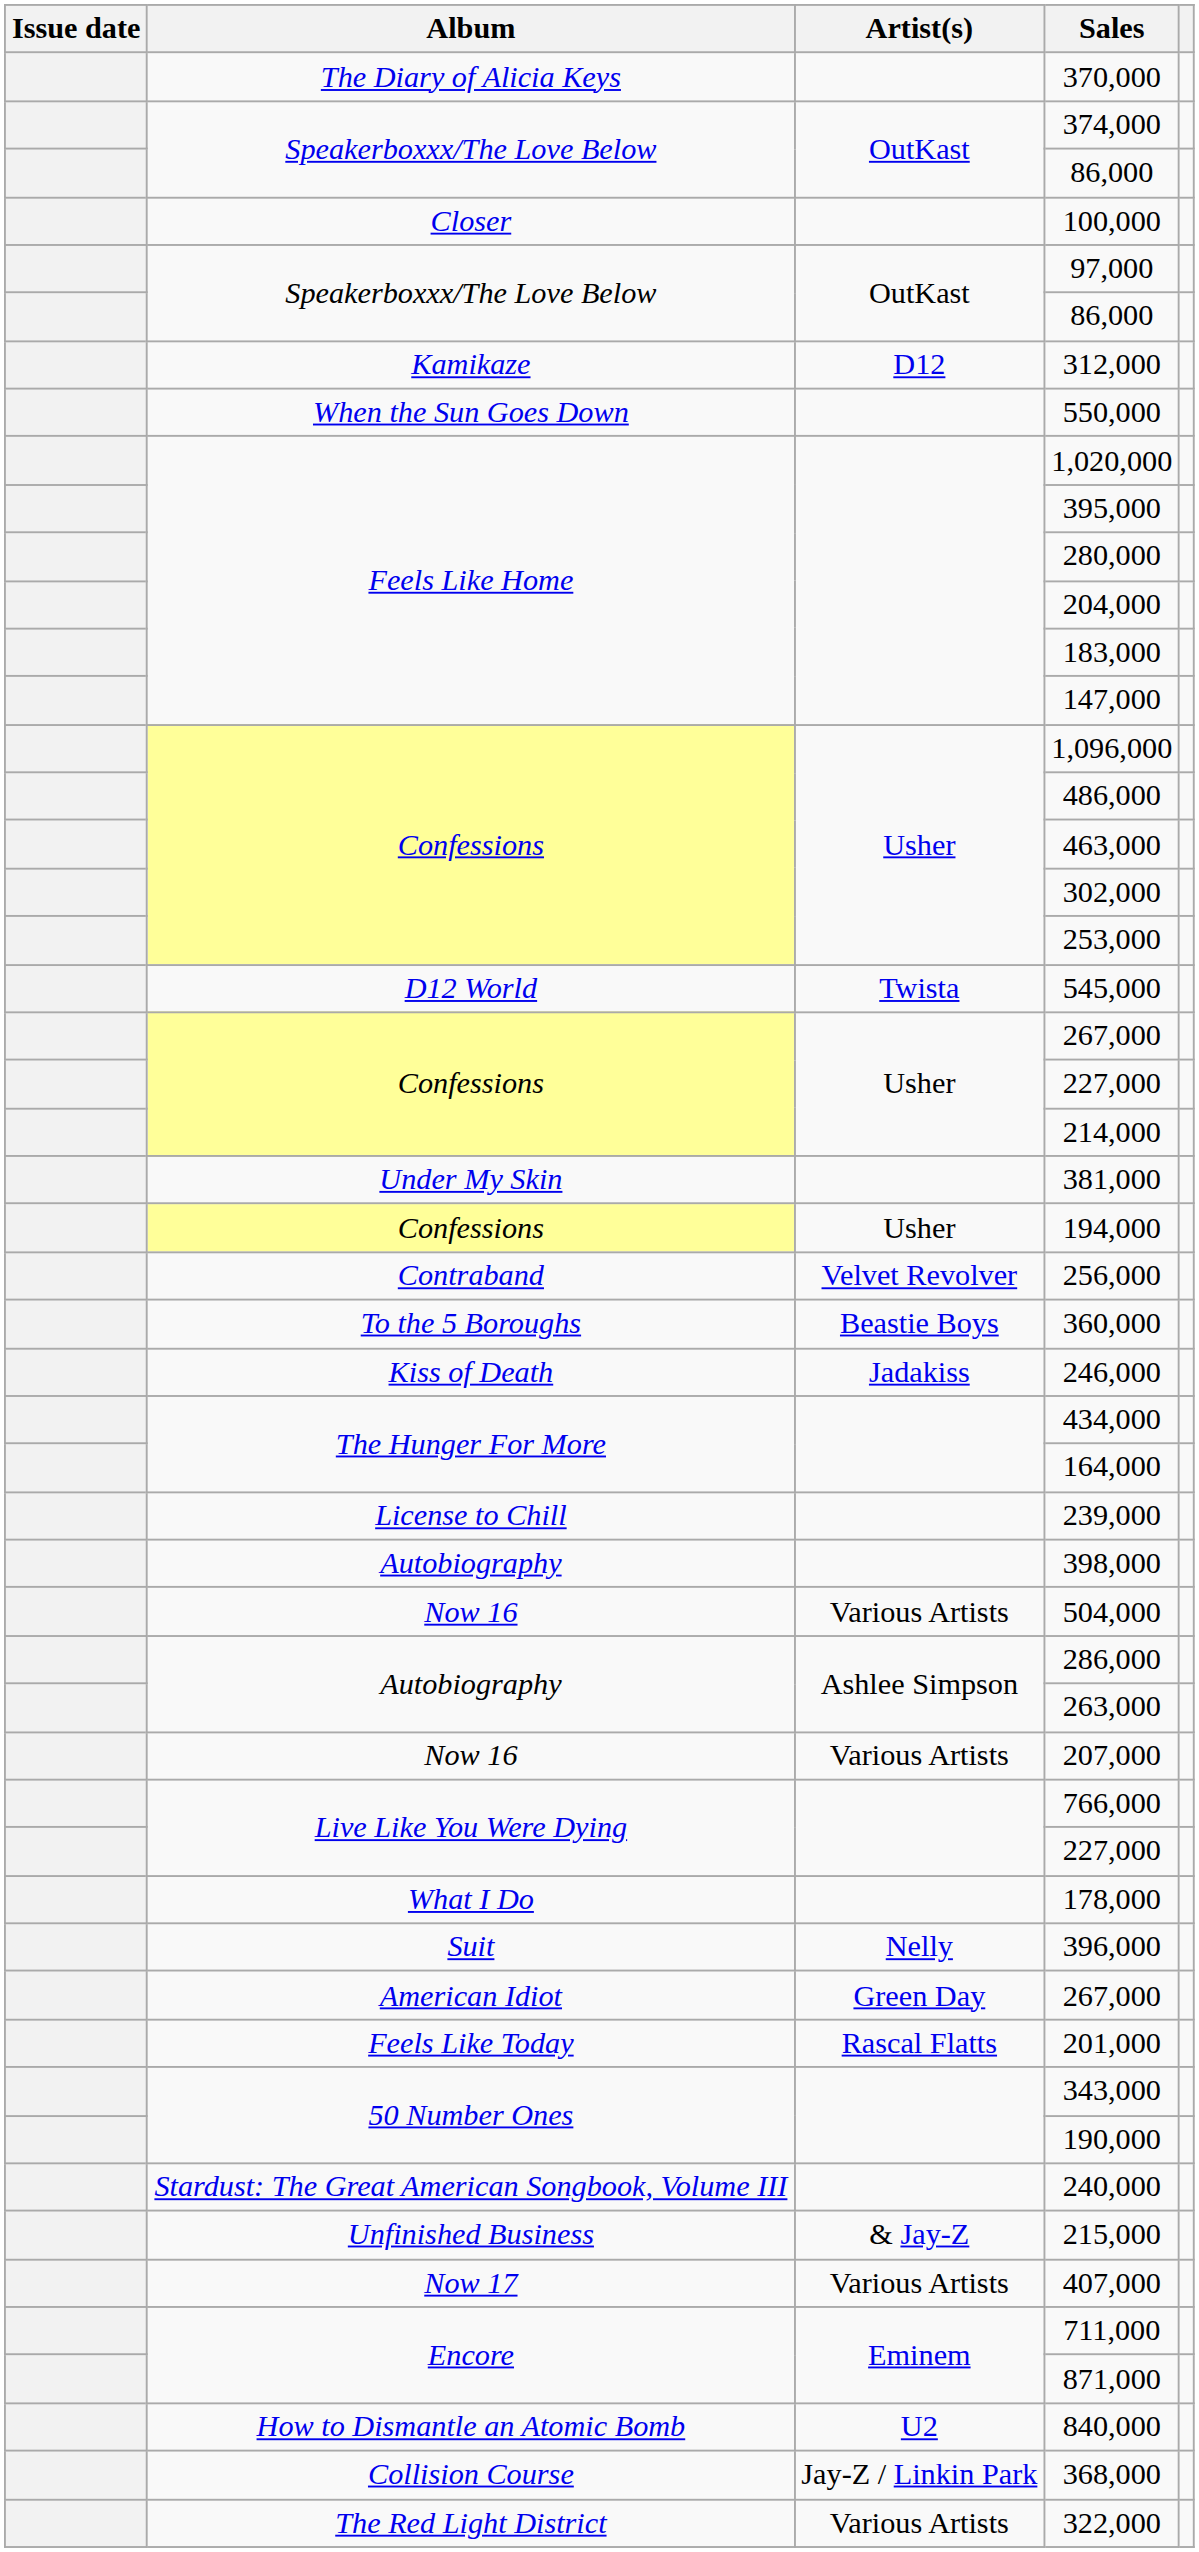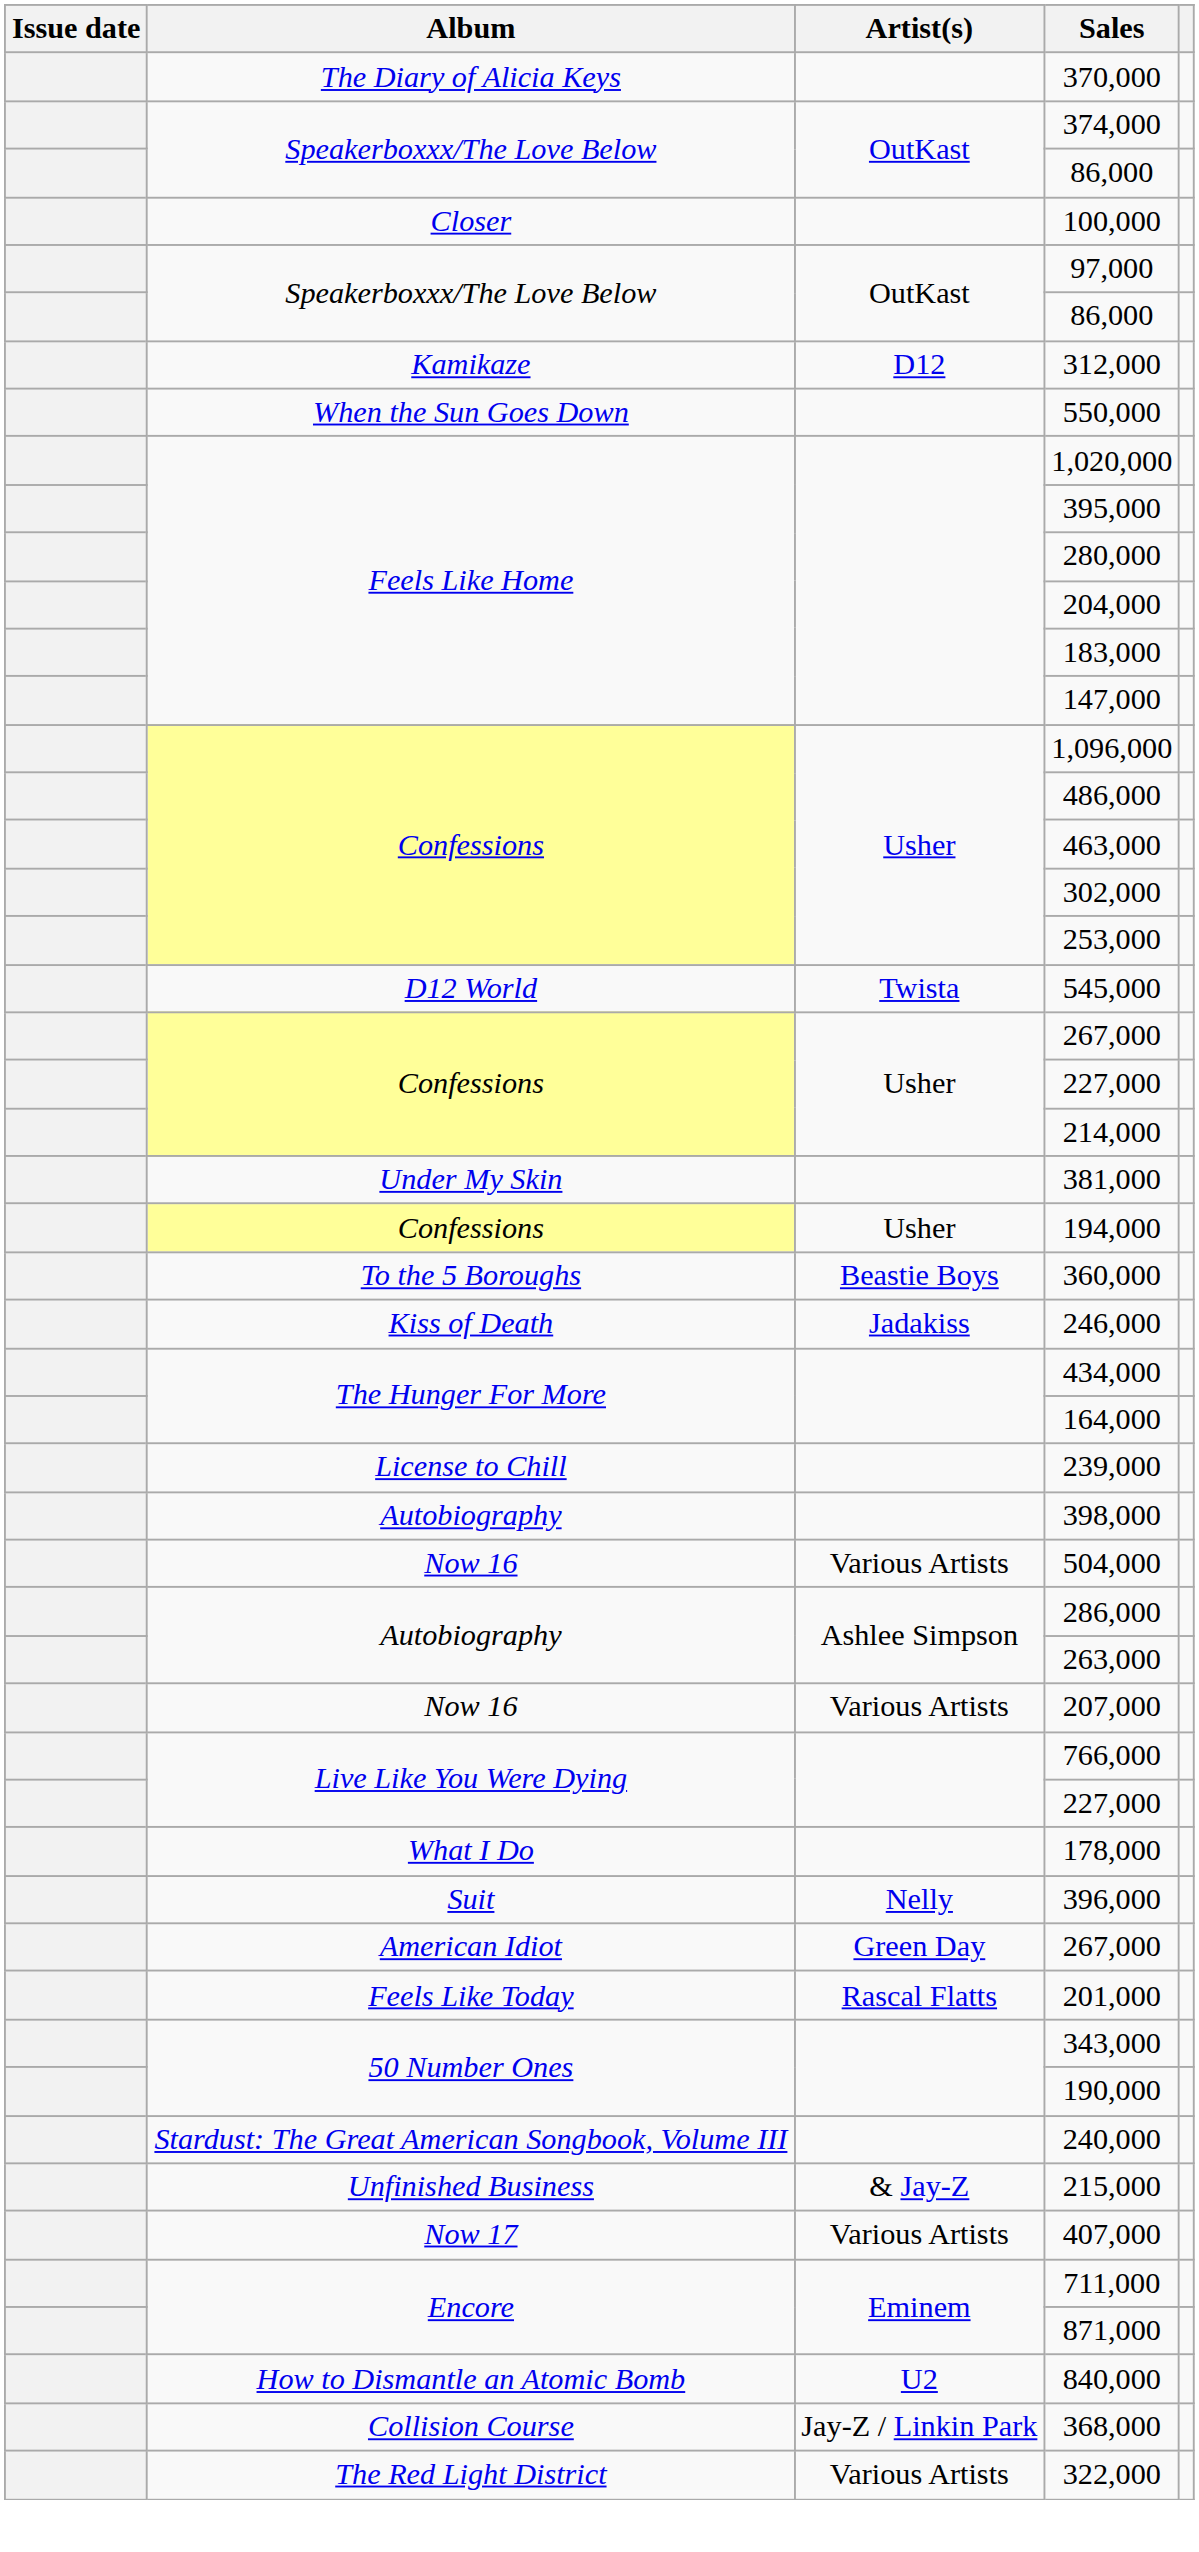 <table class="wikitable sortable plainrowheaders" style="text-align: center">
 <tr>
 <th scope=col>Issue date</th>
 <th scope=col>Album</th>
 <th scope=col>Artist(s)</th>
 <th scope=col>Sales</th>
 <th scope=col class="unsortable"></th>
 </tr>
 <tr>
 <th scope="row"></th>
 <td><em><a href='#'>The Diary of Alicia Keys</a></em></td>
 <td></td>
 <td>370,000</td>
 <td></td>
 </tr>
 <tr>
 <th scope="row"></th>
 <td rowspan=2><em><a href='#'>Speakerboxxx/The Love Below</a></em></td>
 <td rowspan=2><a href='#'>OutKast</a></td>
 <td>374,000</td>
 <td></td>
 </tr>
 <tr>
 <th scope="row"></th>
 <td>86,000</td>
 <td></td>
 </tr>
 <tr>
 <th scope="row"></th>
 <td><em><a href='#'>Closer</a></em></td>
 <td></td>
 <td>100,000</td>
 <td></td>
 </tr>
 <tr>
 <th scope="row"></th>
 <td rowspan=2><em>Speakerboxxx/The Love Below</em></td>
 <td rowspan=2>OutKast</td>
 <td>97,000</td>
 <td></td>
 </tr>
 <tr>
 <th scope="row"></th>
 <td>86,000</td>
 <td></td>
 </tr>
 <tr>
 <th scope="row"></th>
 <td><em><a href='#'>Kamikaze</a></em></td>
 <td><a href='#'>D12</a></td>
 <td>312,000</td>
 <td></td>
 </tr>
 <tr>
 <th scope="row"></th>
 <td><em><a href='#'>When the Sun Goes Down</a></em></td>
 <td></td>
 <td>550,000</td>
 <td></td>
 </tr>
 <tr>
 <th scope="row"></th>
 <td rowspan=6><em><a href='#'>Feels Like Home</a></em></td>
 <td rowspan=6></td>
 <td>1,020,000</td>
 <td></td>
 </tr>
 <tr>
 <th scope="row"></th>
 <td>395,000</td>
 <td></td>
 </tr>
 <tr>
 <th scope="row"></th>
 <td>280,000</td>
 <td></td>
 </tr>
 <tr>
 <th scope="row"></th>
 <td>204,000</td>
 <td></td>
 </tr>
 <tr>
 <th scope="row"></th>
 <td>183,000</td>
 <td></td>
 </tr>
 <tr>
 <th scope="row"></th>
 <td>147,000</td>
 <td></td>
 </tr>
 <tr>
 <th scope="row"></th>
 <td style="background:#ff9;" rowspan=5><em><a href='#'>Confessions</a></em> </td>
 <td rowspan=5><a href='#'>Usher</a></td>
 <td>1,096,000</td>
 <td></td>
 </tr>
 <tr>
 <th scope="row"></th>
 <td>486,000</td>
 <td></td>
 </tr>
 <tr>
 <th scope="row"></th>
 <td>463,000</td>
 <td></td>
 </tr>
 <tr>
 <th scope="row"></th>
 <td>302,000</td>
 <td></td>
 </tr>
 <tr>
 <th scope="row"></th>
 <td>253,000</td>
 <td></td>
 </tr>
 <tr>
 <th scope="row"></th>
 <td><em><a href='#'>D12 World</a></em></td>
 <td><a href='#'>Twista</a></td>
 <td>545,000</td>
 <td></td>
 </tr>
 <tr>
 <th scope="row"></th>
 <td style="background:#ff9; " rowspan=3><em>Confessions</em> </td>
 <td rowspan=3>Usher</td>
 <td>267,000</td>
 <td></td>
 </tr>
 <tr>
 <th scope="row"></th>
 <td>227,000</td>
 <td></td>
 </tr>
 <tr>
 <th scope="row"></th>
 <td>214,000</td>
 <td style="text-align: center;"></td>
 </tr>
 <tr>
 <th scope="row"></th>
 <td><em><a href='#'>Under My Skin</a></em></td>
 <td></td>
 <td>381,000</td>
 <td></td>
 </tr>
 <tr>
 <th scope="row"></th>
 <td style="background:#ff9;"><em>Confessions</em> </td>
 <td>Usher</td>
 <td>194,000</td>
-<td></td>
-</tr>
-<tr>
-<th scope="row"></th>
-<td><em><a href='#'>Contraband</a></em></td>
-<td><a href='#'>Velvet Revolver</a></td>
-<td>256,000</td>
 <td></td>
 </tr>
 <tr>
 <th scope="row"></th>
 <td><em><a href='#'>To the 5 Boroughs</a></em></td>
 <td><a href='#'>Beastie Boys</a></td>
 <td>360,000</td>
 <td></td>
 </tr>
 <tr>
 <th scope="row"></th>
 <td><em><a href='#'>Kiss of Death</a></em></td>
 <td><a href='#'>Jadakiss</a></td>
 <td>246,000</td>
 <td></td>
 </tr>
 <tr>
 <th scope="row"></th>
 <td rowspan=2><em><a href='#'>The Hunger For More</a></em></td>
 <td rowspan=2></td>
 <td>434,000</td>
 <td></td>
 </tr>
 <tr>
 <th scope="row"></th>
 <td>164,000</td>
 <td></td>
 </tr>
 <tr>
 <th scope="row"></th>
 <td><em><a href='#'>License to Chill</a></em></td>
 <td></td>
 <td>239,000</td>
 <td style="text-align: center;"></td>
 </tr>
 <tr>
 <th scope="row"></th>
 <td><em><a href='#'>Autobiography</a></em></td>
 <td></td>
 <td>398,000</td>
 <td></td>
 </tr>
 <tr>
 <th scope="row"></th>
 <td><em><a href='#'>Now 16</a></em></td>
 <td>Various Artists</td>
 <td>504,000</td>
 <td></td>
 </tr>
 <tr>
 <th scope="row"></th>
 <td rowspan=2><em>Autobiography</em></td>
 <td rowspan=2 data-sort-value="Simpson, Ashlee">Ashlee Simpson</td>
 <td>286,000</td>
 <td></td>
 </tr>
 <tr>
 <th scope="row"></th>
 <td>263,000</td>
 <td></td>
 </tr>
 <tr>
 <th scope="row"></th>
 <td><em>Now 16</em></td>
 <td>Various Artists</td>
 <td>207,000</td>
 <td></td>
 </tr>
 <tr>
 <th scope="row"></th>
 <td rowspan=2><em><a href='#'>Live Like You Were Dying</a></em></td>
 <td rowspan=2></td>
 <td>766,000</td>
 <td></td>
 </tr>
 <tr>
 <th scope="row"></th>
 <td>227,000</td>
 <td></td>
 </tr>
 <tr>
 <th scope="row"></th>
 <td><em><a href='#'>What I Do</a></em></td>
 <td></td>
 <td>178,000</td>
 <td></td>
 </tr>
 <tr>
 <th scope="row"></th>
 <td><em><a href='#'>Suit</a></em></td>
 <td><a href='#'>Nelly</a></td>
 <td>396,000</td>
 <td></td>
 </tr>
 <tr>
 <th scope="row"></th>
 <td><em><a href='#'>American Idiot</a></em></td>
 <td><a href='#'>Green Day</a></td>
 <td>267,000</td>
 <td></td>
 </tr>
 <tr>
 <th scope="row"></th>
 <td><em><a href='#'>Feels Like Today</a></em></td>
 <td><a href='#'>Rascal Flatts</a></td>
 <td>201,000</td>
 <td></td>
 </tr>
 <tr>
 <th scope="row"></th>
 <td rowspan=2><em><a href='#'>50 Number Ones</a></em></td>
 <td rowspan=2></td>
 <td>343,000</td>
 <td></td>
 </tr>
 <tr>
 <th scope="row"></th>
 <td>190,000</td>
 <td></td>
 </tr>
 <tr>
 <th scope="row"></th>
 <td><em><a href='#'>Stardust: The Great American Songbook, Volume III</a></em></td>
 <td></td>
 <td>240,000</td>
 <td></td>
 </tr>
 <tr>
 <th scope="row"></th>
 <td><em><a href='#'>Unfinished Business</a></em></td>
 <td> & <a href='#'>Jay-Z</a></td>
 <td>215,000</td>
 <td></td>
 </tr>
 <tr>
 <th scope="row"></th>
 <td><em><a href='#'>Now 17</a></em></td>
 <td>Various Artists</td>
 <td>407,000</td>
 <td></td>
 </tr>
 <tr>
 <th scope="row"></th>
 <td rowspan=2><em><a href='#'>Encore</a></em></td>
 <td rowspan=2><a href='#'>Eminem</a></td>
 <td>711,000</td>
 <td></td>
 </tr>
 <tr>
 <th scope="row"></th>
 <td>871,000</td>
 <td></td>
 </tr>
 <tr>
 <th scope="row"></th>
 <td><em><a href='#'>How to Dismantle an Atomic Bomb</a></em></td>
 <td><a href='#'>U2</a></td>
 <td>840,000</td>
 <td></td>
 </tr>
 <tr>
 <th scope="row"></th>
 <td><em><a href='#'>Collision Course</a></em></td>
 <td>Jay-Z / <a href='#'>Linkin Park</a></td>
 <td>368,000</td>
 <td></td>
 </tr>
 <tr>
 <th scope="row"></th>
 <td><em><a href='#'>The Red Light District</a></em></td>
 <td>Various Artists</td>
 <td>322,000</td>
 <td></td>
 </tr>
 </table>
